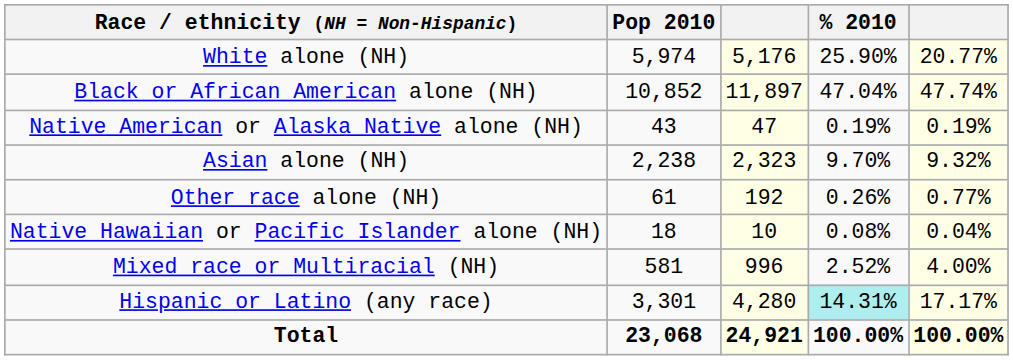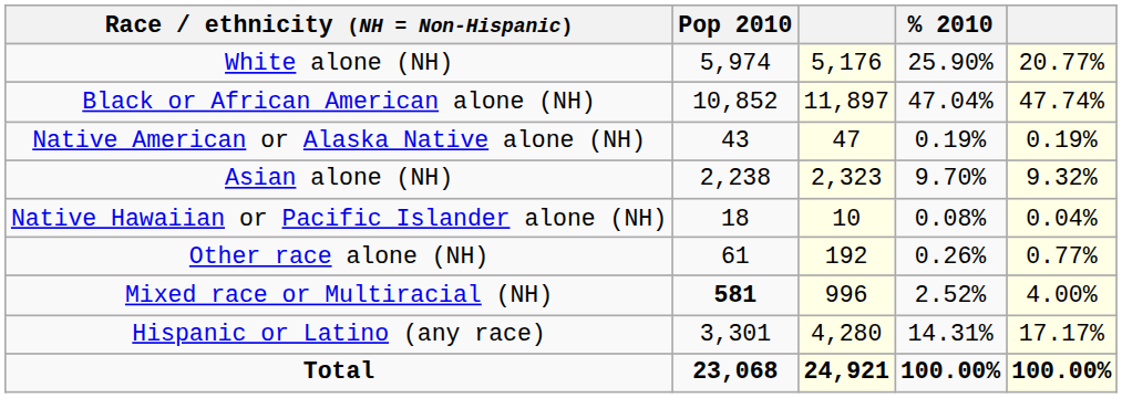 <table class="wikitable" style="text-align:center;">
 <tr>
 <th>Race / ethnicity <small>(<em>NH = Non-Hispanic</em>)</small></th>
 <th>Pop 2010</th>
 <th></th>
 <th>% 2010</th>
 <th></th>
 </tr>
 <tr>
 <td><a href='#'>White</a> alone (NH)</td>
 <td>5,974</td>
 <td style='background: #ffffe6;'>5,176</td>
 <td>25.90%</td>
 <td style='background: #ffffe6;'>20.77%</td>
 </tr>
 <tr>
 <td><a href='#'>Black or African American</a> alone (NH)</td>
 <td>10,852</td>
 <td style='background: #ffffe6;'>11,897</td>
 <td>47.04%</td>
 <td style='background: #ffffe6;'>47.74%</td>
 </tr>
 <tr>
 <td><a href='#'>Native American</a> or <a href='#'>Alaska Native</a> alone (NH)</td>
 <td>43</td>
 <td style='background: #ffffe6;'>47</td>
 <td>0.19%</td>
 <td style='background: #ffffe6;'>0.19%</td>
 </tr>
 <tr>
 <td><a href='#'>Asian</a> alone (NH)</td>
 <td>2,238</td>
 <td style='background: #ffffe6;'>2,323</td>
 <td>9.70%</td>
 <td style='background: #ffffe6;'>9.32%</td>
 </tr>
 <tr>
+<td><a href='#'>Native Hawaiian</a> or <a href='#'>Pacific Islander</a> alone (NH)</td>
+<td>18</td>
+<td style='background: #ffffe6;'>10</td>
+<td>0.08%</td>
+<td style='background: #ffffe6;'>0.04%</td>
+</tr>
+<tr>
 <td><a href='#'>Other race</a> alone (NH)</td>
 <td>61</td>
 <td style='background: #ffffe6;'>192</td>
 <td>0.26%</td>
 <td style='background: #ffffe6;'>0.77%</td>
 </tr>
 <tr>
-<td><a href='#'>Native Hawaiian</a> or <a href='#'>Pacific Islander</a> alone (NH)</td>
-<td>18</td>
-<td style='background: #ffffe6;'>10</td>
-<td>0.08%</td>
-<td style='background: #ffffe6;'>0.04%</td>
-</tr>
-<tr>
 <td><a href='#'>Mixed race or Multiracial</a> (NH)</td>
-<td>581</td>
+<td><strong>581</strong></td>
 <td style='background: #ffffe6;'>996</td>
 <td>2.52%</td>
 <td style='background: #ffffe6;'>4.00%</td>
 </tr>
 <tr>
 <td><a href='#'>Hispanic or Latino</a> (any race)</td>
 <td>3,301</td>
 <td style='background: #ffffe6;'>4,280</td>
-<td style="background: paleturquoise;">14.31%</td>
+<td>14.31%</td>
 <td style='background: #ffffe6;'>17.17%</td>
 </tr>
 <tr>
 <td><strong>Total</strong></td>
 <td><strong>23,068</strong></td>
 <td style='background: #ffffe6;'><strong>24,921</strong></td>
 <td><strong>100.00%</strong></td>
 <td style='background: #ffffe6;'><strong>100.00%</strong></td>
 </tr>
 </table>
